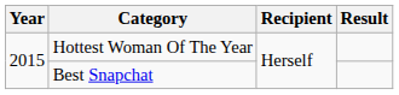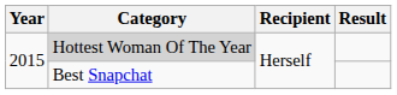 <table class="wikitable">
 <tr>
 <th>Year</th>
 <th>Category</th>
 <th>Recipient</th>
 <th>Result</th>
 </tr>
 <tr>
 <td rowspan=2>2015</td>
-<td>Hottest Woman Of The Year</td>
+<td style="background: lightgrey;">Hottest Woman Of The Year</td>
 <td rowspan=2>Herself</td>
 <td></td>
 </tr>
 <tr>
 <td>Best <a href='#'>Snapchat</a></td>
 <td></td>
 </tr>
 </table>
